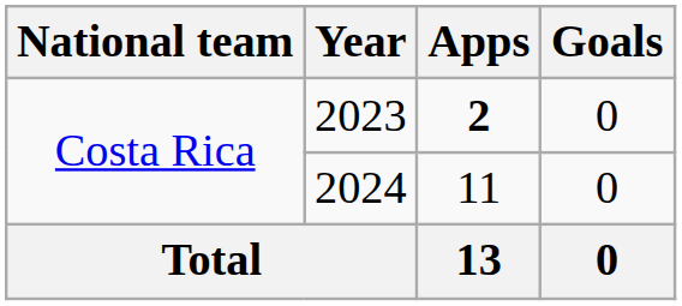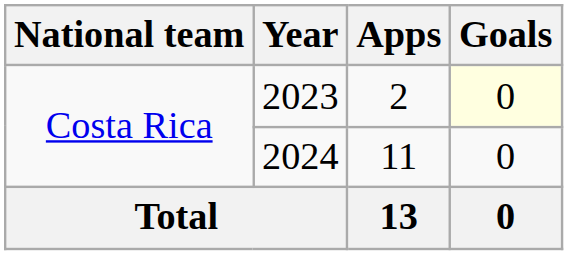 <table class="wikitable" style="text-align:center">
 <tr>
 <th>National team</th>
 <th>Year</th>
 <th>Apps</th>
 <th>Goals</th>
 </tr>
 <tr>
 <td rowspan="2"><a href='#'>Costa Rica</a></td>
 <td>2023</td>
-<td><strong>2</strong></td>
-<td>0</td>
+<td>2</td>
+<td style="background: lightyellow;">0</td>
 </tr>
 <tr>
 <td>2024</td>
 <td>11</td>
 <td>0</td>
 </tr>
 <tr>
 <th colspan="2">Total</th>
 <th>13</th>
 <th>0</th>
 </tr>
 </table>
